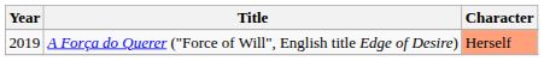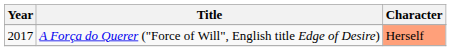 <table class="wikitable">
 <tr>
 <th>Year</th>
 <th>Title</th>
 <th>Character</th>
 </tr>
 <tr>
 </tr>
 <tr>
-<td>2019</td>
+<td>2017</td>
 <td><em><a href='#'>A Força do Querer</a></em> ("Force of Will", English title <em>Edge of Desire</em>)</td>
 <td style="background: lightsalmon;">Herself</td>
 </tr>
 <tr>
 </tr>
 </table>
